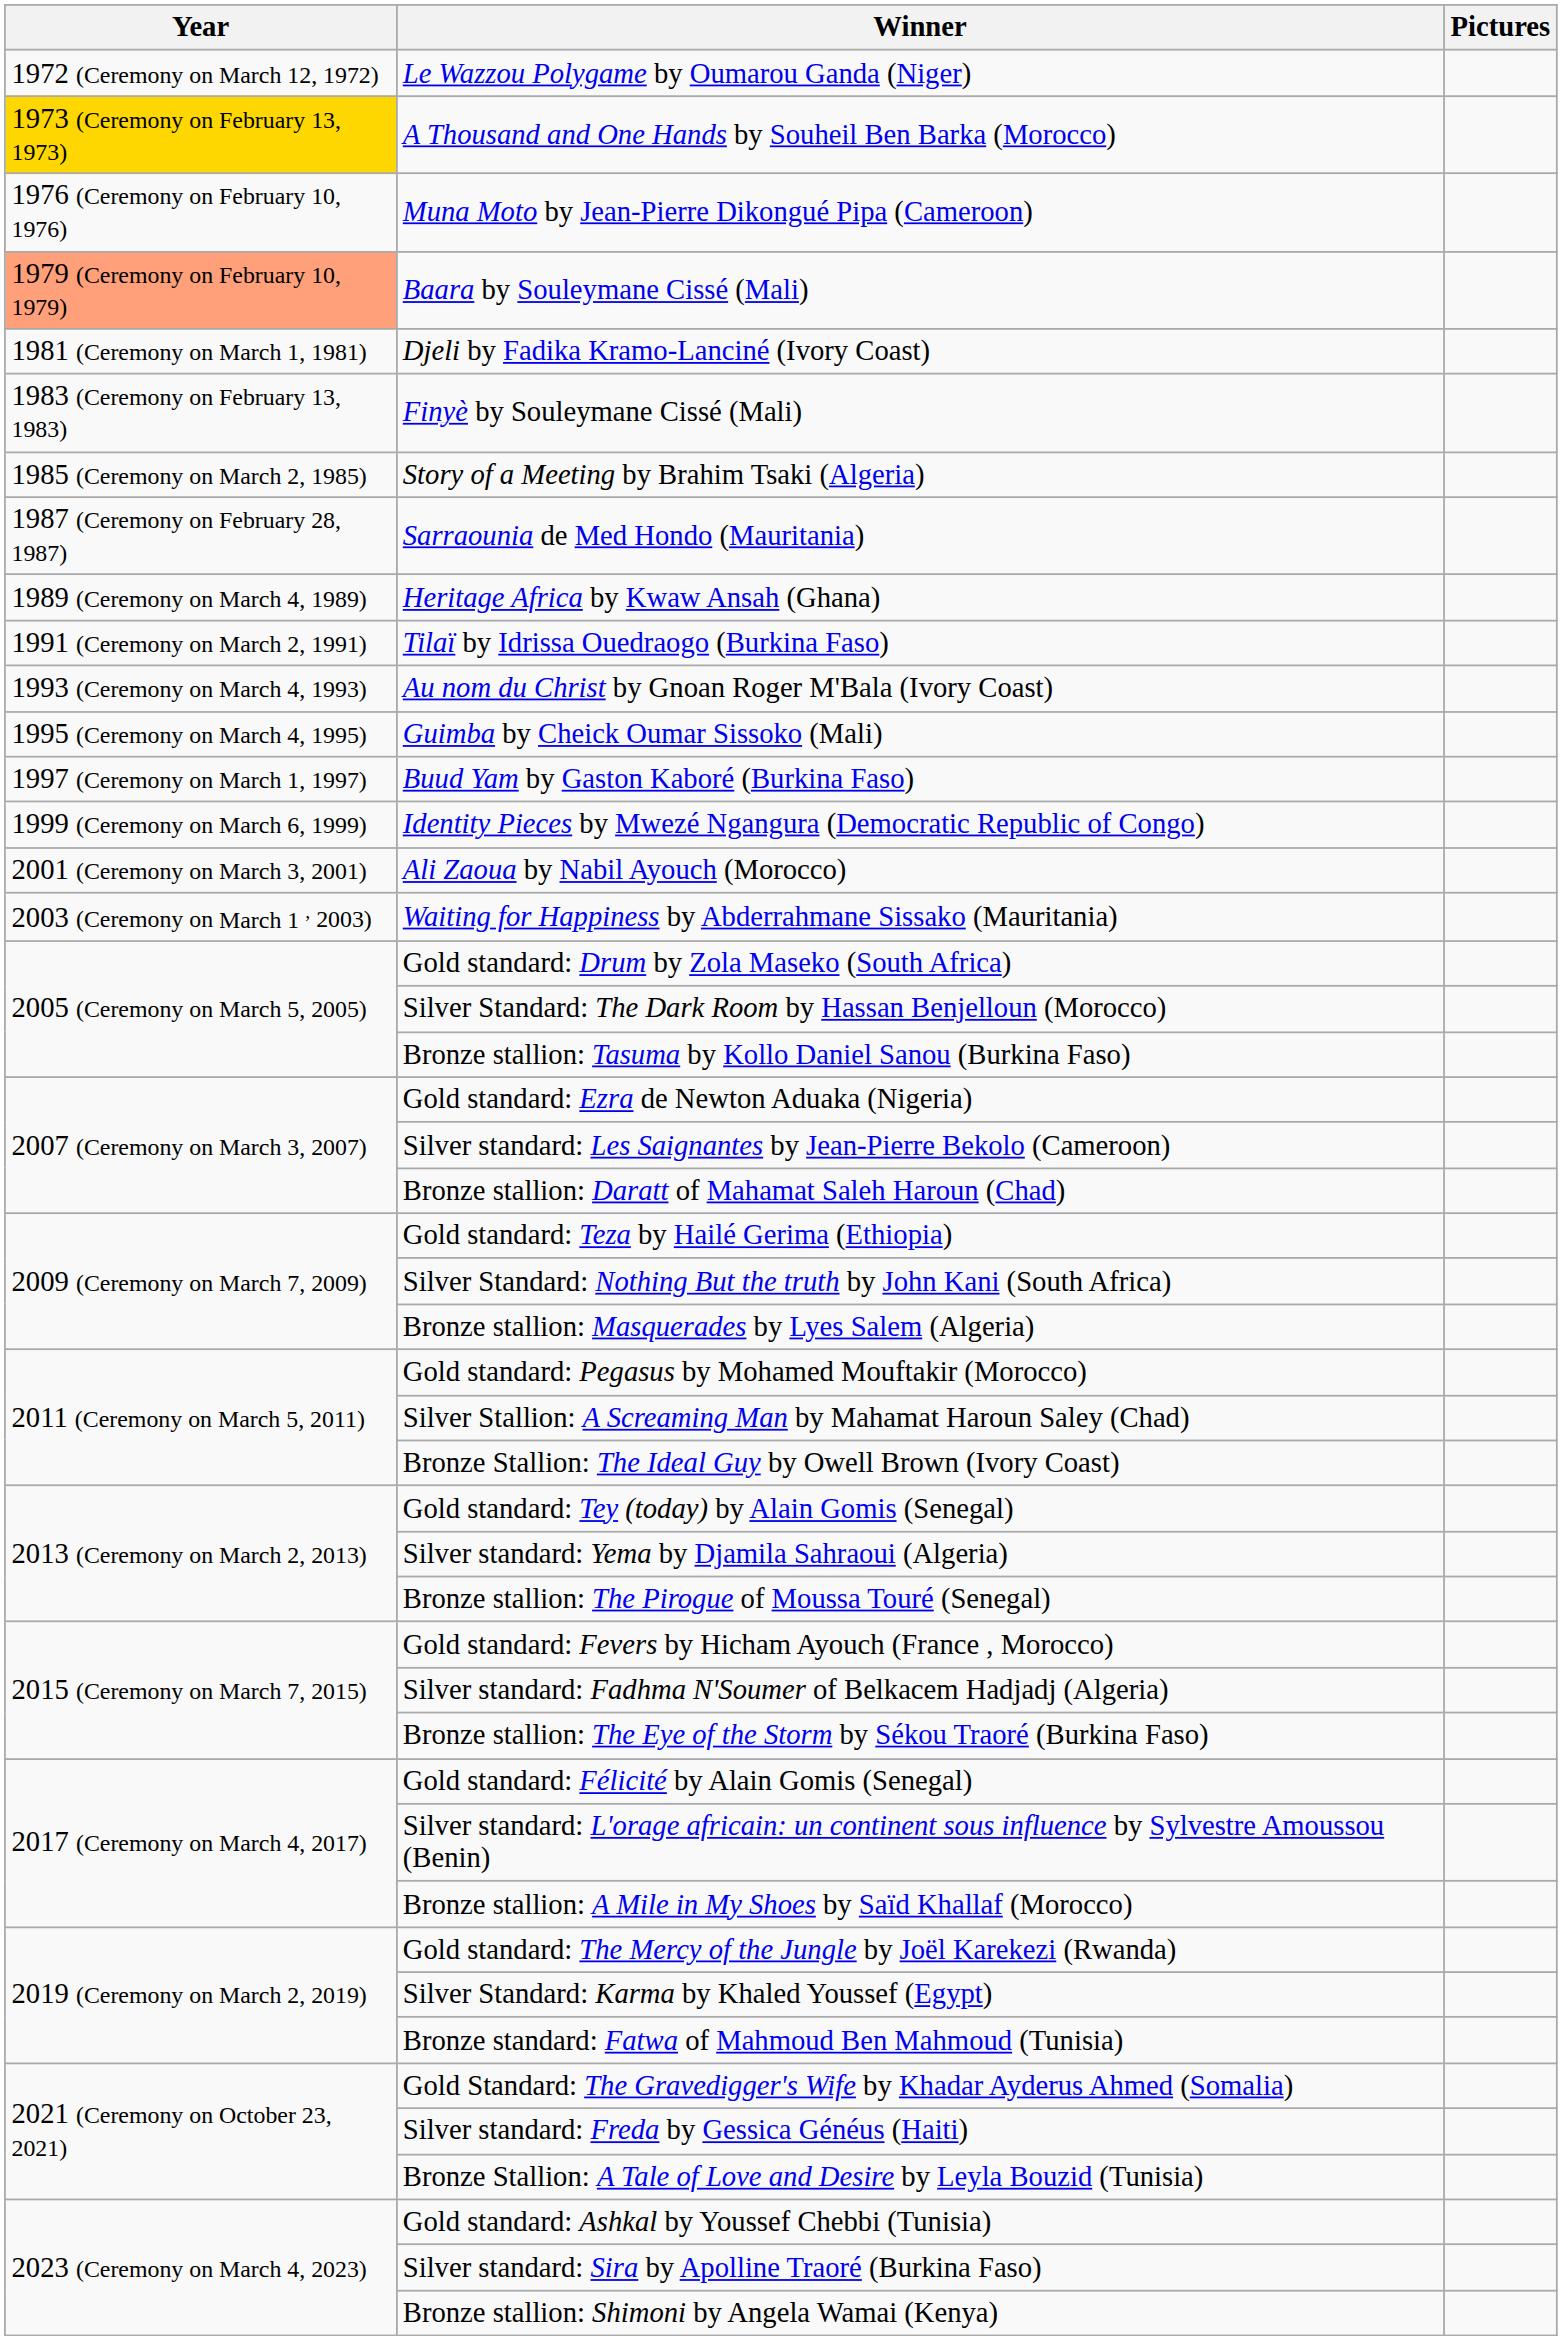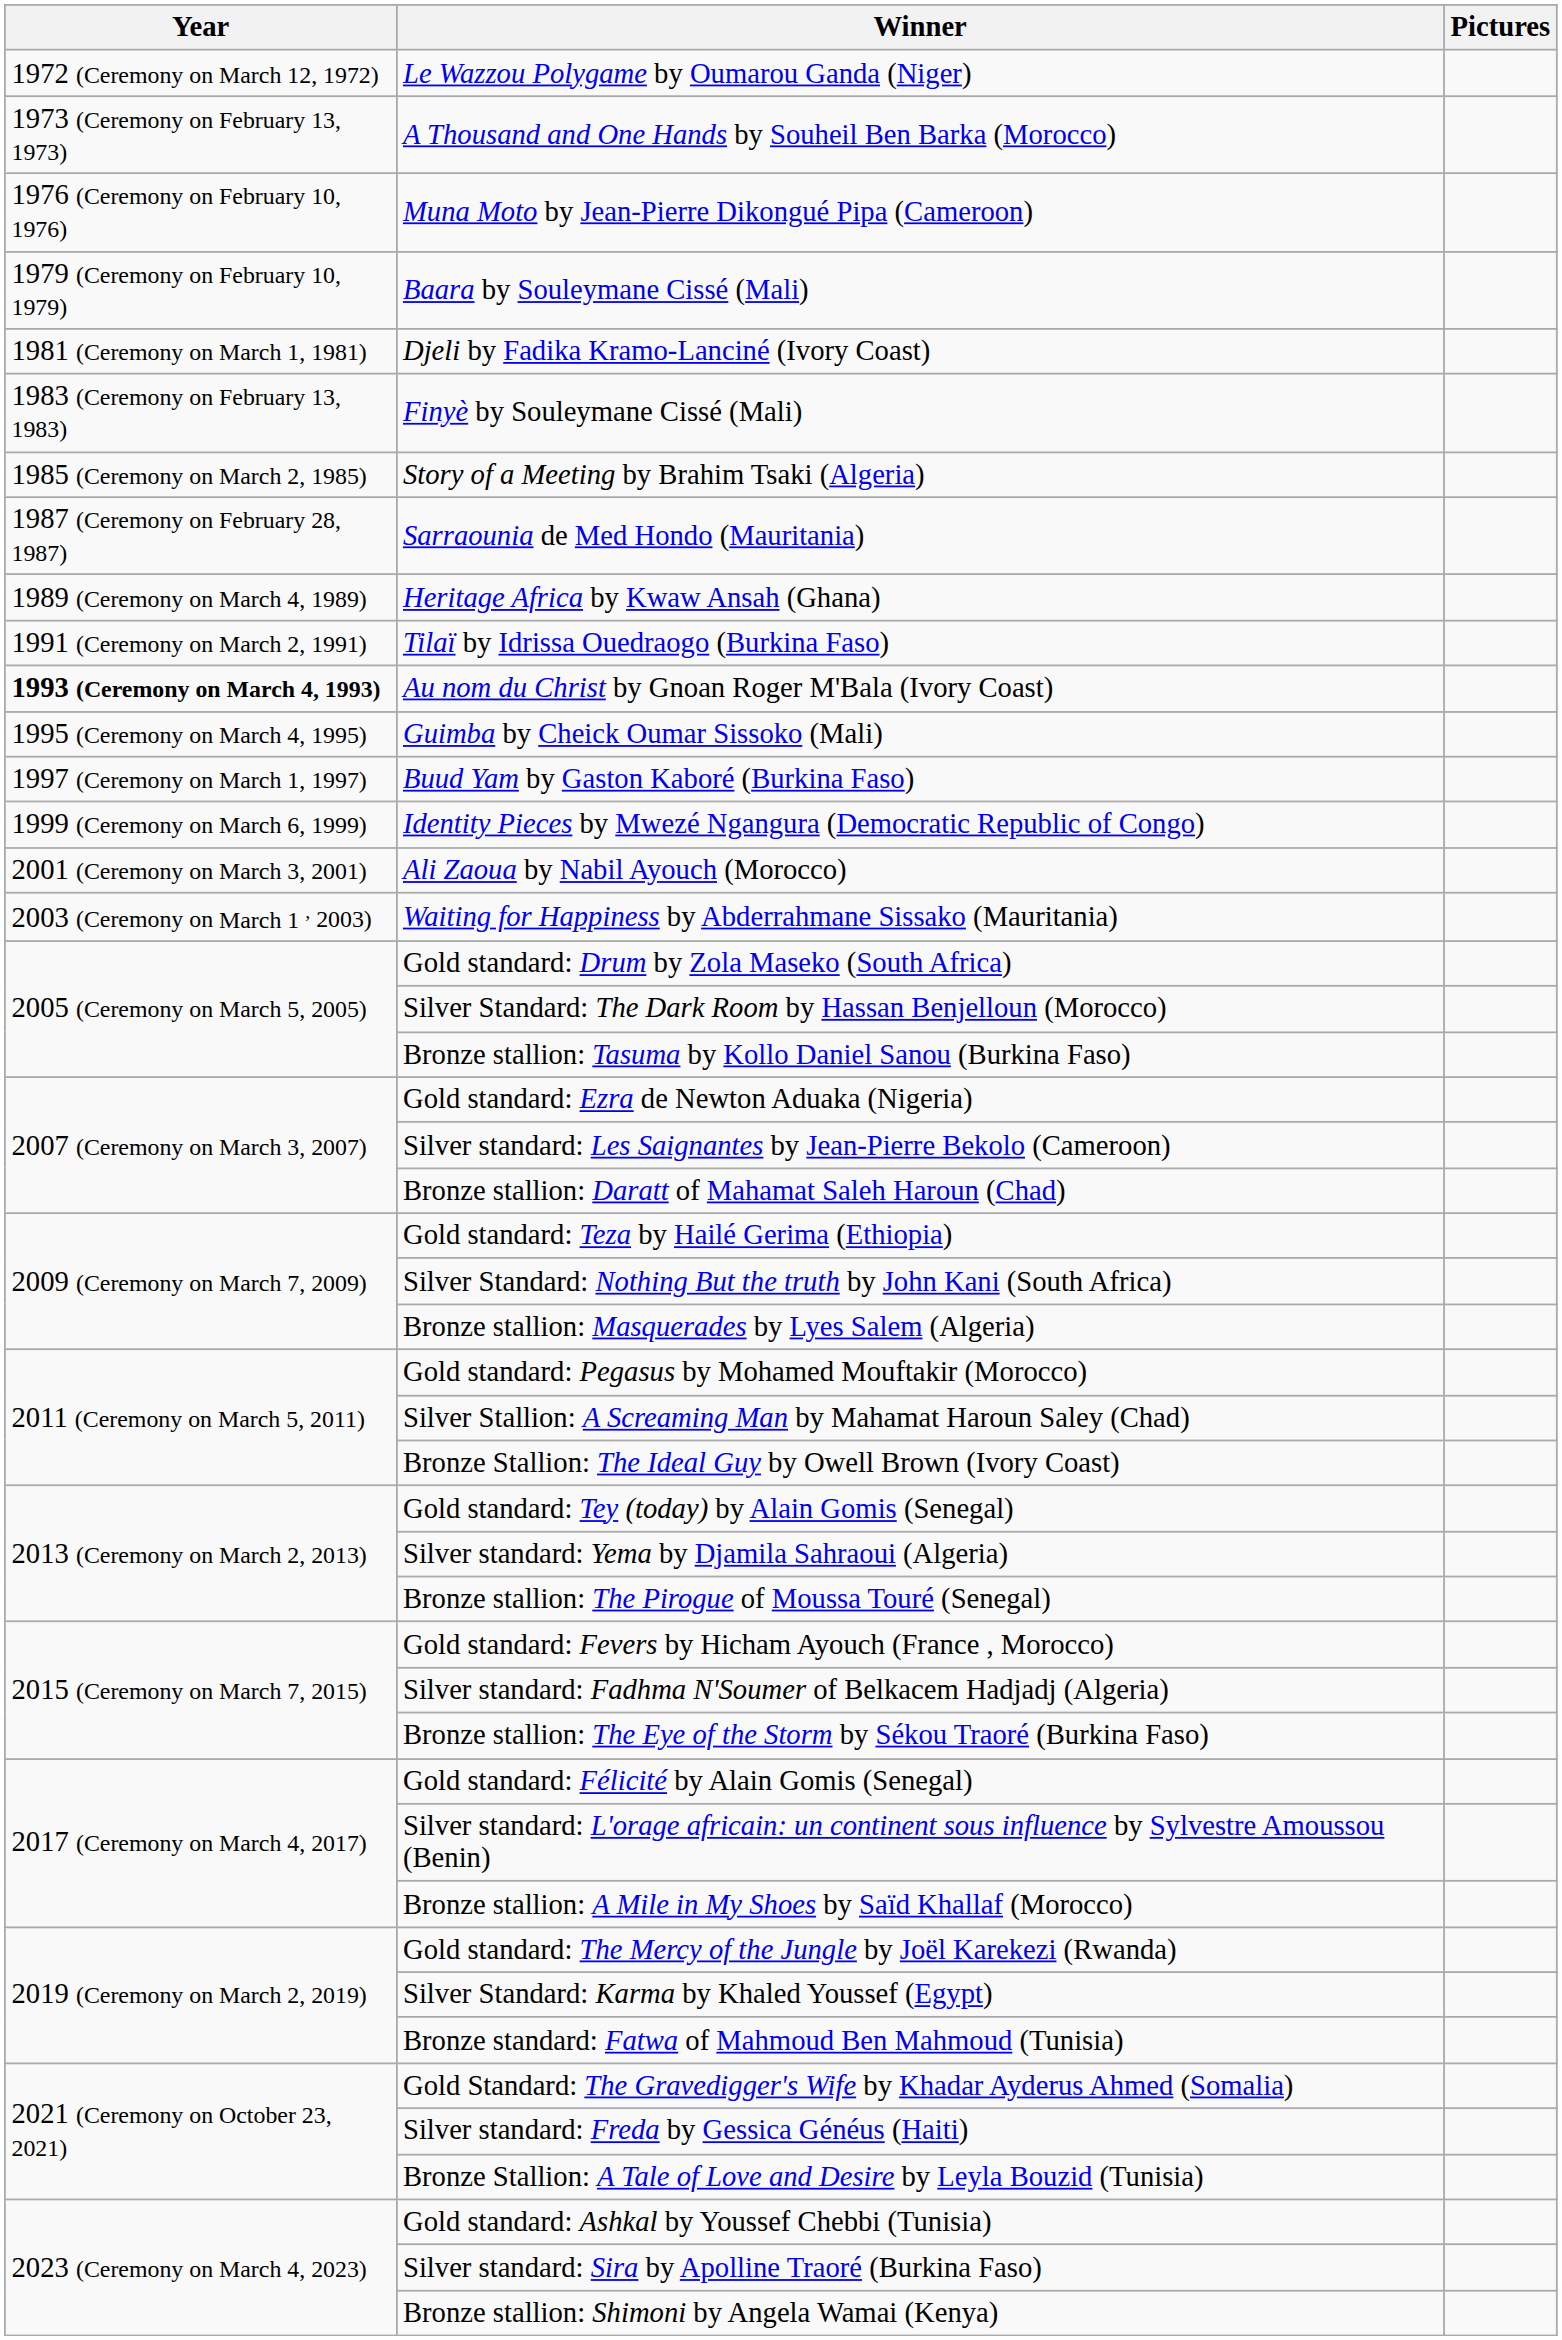 <table class="wikitable">
 <tr>
 <th>Year</th>
 <th>Winner</th>
 <th>Pictures</th>
 </tr>
 <tr>
 <td>1972 <small>(Ceremony on March 12, 1972)</small></td>
 <td><em><a href='#'>Le Wazzou Polygame</a></em> by <a href='#'>Oumarou Ganda</a> (<a href='#'>Niger</a>)</td>
 <td></td>
 </tr>
 <tr>
-<td style="background: gold;">1973 <small>(Ceremony on February 13, 1973)</small></td>
+<td>1973 <small>(Ceremony on February 13, 1973)</small></td>
 <td><em><a href='#'>A Thousand and One Hands</a></em> by <a href='#'>Souheil Ben Barka</a> (<a href='#'>Morocco</a>)</td>
 <td></td>
 </tr>
 <tr>
 <td>1976 <small>(Ceremony on February 10, 1976)</small></td>
 <td><em><a href='#'>Muna Moto</a></em> by <a href='#'>Jean-Pierre Dikongué Pipa</a> (<a href='#'>Cameroon</a>)</td>
 <td></td>
 </tr>
 <tr>
-<td style="background: lightsalmon;">1979 <small>(Ceremony on February 10, 1979)</small></td>
+<td>1979 <small>(Ceremony on February 10, 1979)</small></td>
 <td><em><a href='#'>Baara</a></em> by <a href='#'>Souleymane Cissé</a> (<a href='#'>Mali</a>)</td>
 <td></td>
 </tr>
 <tr>
 <td>1981 <small>(Ceremony on <abbr>March 1,</abbr> 1981)</small></td>
 <td><em>Djeli</em> by <a href='#'>Fadika Kramo-Lanciné</a> (Ivory Coast)</td>
 <td></td>
 </tr>
 <tr>
 <td>1983 <small>(Ceremony on February 13, 1983)</small></td>
 <td><em><a href='#'>Finyè</a></em> by Souleymane Cissé (Mali)</td>
 <td></td>
 </tr>
 <tr>
 <td>1985 <small>(Ceremony on March 2, 1985)</small></td>
 <td><em>Story of a Meeting</em> by Brahim Tsaki (<a href='#'>Algeria</a>)</td>
 <td></td>
 </tr>
 <tr>
 <td>1987 <small>(Ceremony on February 28, 1987)</small></td>
 <td><em><a href='#'>Sarraounia</a></em> de <a href='#'>Med Hondo</a> (<a href='#'>Mauritania</a>)</td>
 <td></td>
 </tr>
 <tr>
 <td>1989 <small>(Ceremony on March 4, 1989)</small></td>
 <td><em><a href='#'>Heritage Africa</a></em> by <a href='#'>Kwaw Ansah</a> (Ghana)</td>
 <td></td>
 </tr>
 <tr>
 <td>1991 <small>(Ceremony on  March 2, 1991)</small></td>
 <td><em><a href='#'>Tilaï</a></em> by <a href='#'>Idrissa Ouedraogo</a> (<a href='#'>Burkina Faso</a>)</td>
 <td></td>
 </tr>
 <tr>
-<td>1993 <small>(Ceremony on March 4, 1993)</small></td>
+<td><strong>1993 <small>(Ceremony on March 4, 1993)</small></strong></td>
 <td><em><a href='#'>Au nom du Christ</a></em> by Gnoan Roger M'Bala (Ivory Coast)</td>
 <td></td>
 </tr>
 <tr>
 <td>1995 <small>(Ceremony on March 4, 1995)</small></td>
 <td><em><a href='#'>Guimba</a></em> by <a href='#'>Cheick Oumar Sissoko</a> (Mali)</td>
 <td></td>
 </tr>
 <tr>
 <td>1997 <small>(Ceremony on <abbr>March 1,</abbr> 1997)</small></td>
 <td><em><a href='#'>Buud Yam</a></em> by <a href='#'>Gaston Kaboré</a> (<a href='#'>Burkina Faso</a>)</td>
 <td></td>
 </tr>
 <tr>
 <td>1999 <small>(Ceremony on March 6, 1999)</small></td>
 <td><em><a href='#'>Identity Pieces</a></em> by <a href='#'>Mwezé Ngangura</a> (<a href='#'>Democratic Republic of Congo</a>)</td>
 <td></td>
 </tr>
 <tr>
 <td>2001 <small>(Ceremony on March 3, 2001)</small></td>
 <td><em><a href='#'>Ali Zaoua</a></em> by <a href='#'>Nabil Ayouch</a> (Morocco)</td>
 <td></td>
 </tr>
 <tr>
 <td>2003 <small>(Ceremony on <abbr>March 1 <sup>,</sup></abbr> 2003)</small></td>
 <td><em><a href='#'>Waiting for Happiness</a></em> by <a href='#'>Abderrahmane Sissako</a> (Mauritania)</td>
 <td></td>
 </tr>
 <tr>
 <td rowspan="3">2005 <small>(Ceremony on March 5, 2005)</small></td>
 <td>Gold standard: <em><a href='#'>Drum</a></em> by <a href='#'>Zola Maseko</a> (<a href='#'>South Africa</a>)</td>
 <td></td>
 </tr>
 <tr>
 <td>Silver Standard: <em>The Dark Room</em> by <a href='#'>Hassan Benjelloun</a> (Morocco)</td>
 <td></td>
 </tr>
 <tr>
 <td>Bronze stallion: <em><a href='#'>Tasuma</a></em> by <a href='#'>Kollo Daniel Sanou</a> (Burkina Faso)</td>
 <td></td>
 </tr>
 <tr>
 <td rowspan="3">2007 <small>(Ceremony on March 3, 2007)</small></td>
 <td>Gold standard: <em><a href='#'>Ezra</a></em> de Newton Aduaka (Nigeria)</td>
 <td></td>
 </tr>
 <tr>
 <td>Silver standard: <em><a href='#'>Les Saignantes</a></em> by <a href='#'>Jean-Pierre Bekolo</a> (Cameroon)</td>
 <td></td>
 </tr>
 <tr>
 <td>Bronze stallion: <em><a href='#'>Daratt</a></em> of <a href='#'>Mahamat Saleh Haroun</a> (<a href='#'>Chad</a>)</td>
 <td></td>
 </tr>
 <tr>
 <td rowspan="3">2009 <small>(Ceremony on March 7, 2009)</small></td>
 <td>Gold standard: <em><a href='#'>Teza</a></em> by <a href='#'>Hailé Gerima</a> (<a href='#'>Ethiopia</a>)</td>
 <td></td>
 </tr>
 <tr>
 <td>Silver Standard: <em><a href='#'>Nothing But the truth</a></em> by <a href='#'>John Kani</a> (South Africa)</td>
 <td></td>
 </tr>
 <tr>
 <td>Bronze stallion: <em><a href='#'>Masquerades</a></em> by <a href='#'>Lyes Salem</a> (Algeria)</td>
 <td></td>
 </tr>
 <tr>
 <td rowspan="3">2011 <small>(Ceremony on March 5, 2011)</small></td>
 <td>Gold standard: <em>Pegasus</em> by Mohamed Mouftakir (Morocco)</td>
 <td></td>
 </tr>
 <tr>
 <td>Silver Stallion: <em><a href='#'>A Screaming Man</a></em> by Mahamat Haroun Saley (Chad)</td>
 <td></td>
 </tr>
 <tr>
 <td>Bronze Stallion: <em><a href='#'>The Ideal Guy</a></em> by Owell Brown (Ivory Coast)</td>
 <td></td>
 </tr>
 <tr>
 <td rowspan="3">2013 <small>(Ceremony on March 2, 2013)</small></td>
 <td>Gold standard: <em><a href='#'>Tey</a> (today)</em> by <a href='#'>Alain Gomis</a> (Senegal)</td>
 <td></td>
 </tr>
 <tr>
 <td>Silver standard: <em>Yema</em> by <a href='#'>Djamila Sahraoui</a> (Algeria)</td>
 <td></td>
 </tr>
 <tr>
 <td>Bronze stallion: <em><a href='#'>The Pirogue</a></em> of <a href='#'>Moussa Touré</a> (Senegal)</td>
 <td></td>
 </tr>
 <tr>
 <td rowspan="3">2015 <small>(Ceremony on March 7, 2015)</small></td>
 <td>Gold standard: <em>Fevers</em> by Hicham Ayouch (France , Morocco)</td>
 <td></td>
 </tr>
 <tr>
 <td>Silver standard: <em>Fadhma N'Soumer</em> of Belkacem Hadjadj (Algeria)</td>
 <td></td>
 </tr>
 <tr>
 <td>Bronze stallion: <em><a href='#'>The Eye of the Storm</a></em> by <a href='#'>Sékou Traoré</a> (Burkina Faso)</td>
 <td></td>
 </tr>
 <tr>
 <td rowspan="3">2017 <small>(Ceremony on March 4, 2017)</small></td>
 <td>Gold standard: <em><a href='#'>Félicité</a></em> by Alain Gomis (Senegal)</td>
 <td></td>
 </tr>
 <tr>
 <td>Silver standard: <em><a href='#'>L'orage africain: un continent sous influence</a></em> by <a href='#'>Sylvestre Amoussou</a> (Benin)</td>
 <td></td>
 </tr>
 <tr>
 <td>Bronze stallion: <em><a href='#'>A Mile in My Shoes</a></em> by <a href='#'>Saïd Khallaf</a> (Morocco)</td>
 <td></td>
 </tr>
 <tr>
 <td rowspan="3">2019 <small>(Ceremony on March 2, 2019)</small></td>
 <td>Gold standard: <em><a href='#'>The Mercy of the Jungle</a></em> by <a href='#'>Joël Karekezi</a> (Rwanda)</td>
 <td></td>
 </tr>
 <tr>
 <td>Silver Standard: <em>Karma</em> by Khaled Youssef (<a href='#'>Egypt</a>)</td>
 <td></td>
 </tr>
 <tr>
 <td>Bronze standard: <em><a href='#'>Fatwa</a></em> of <a href='#'>Mahmoud Ben Mahmoud</a> (Tunisia)</td>
 <td></td>
 </tr>
 <tr>
 <td rowspan="3">2021 <small>(Ceremony on October 23, 2021)</small></td>
 <td>Gold Standard: <em><a href='#'>The Gravedigger's Wife</a></em> by <a href='#'>Khadar Ayderus Ahmed</a> (<a href='#'>Somalia</a>)</td>
 <td></td>
 </tr>
 <tr>
 <td>Silver standard: <em><a href='#'>Freda</a></em> by <a href='#'>Gessica Généus</a> (<a href='#'>Haiti</a>)</td>
 <td></td>
 </tr>
 <tr>
 <td>Bronze Stallion: <em><a href='#'>A Tale of Love and Desire</a></em> by <a href='#'>Leyla Bouzid</a> (Tunisia)</td>
 <td></td>
 </tr>
 <tr>
 <td rowspan="3">2023 <small>(Ceremony on March 4, 2023)</small></td>
 <td>Gold standard: <em>Ashkal</em> by Youssef Chebbi (Tunisia)</td>
 <td></td>
 </tr>
 <tr>
 <td>Silver standard: <em><a href='#'>Sira</a></em> by <a href='#'>Apolline Traoré</a> (Burkina Faso)</td>
 <td></td>
 </tr>
 <tr>
 <td>Bronze stallion: <em>Shimoni</em> by Angela Wamai (Kenya)</td>
 <td></td>
 </tr>
 </table>
